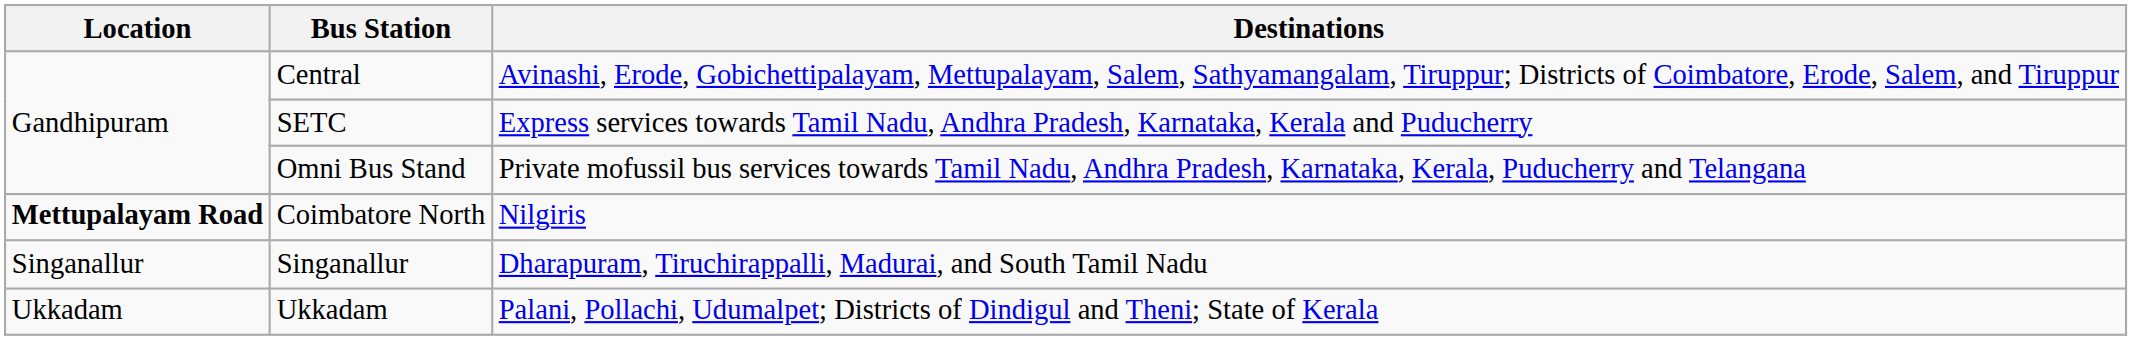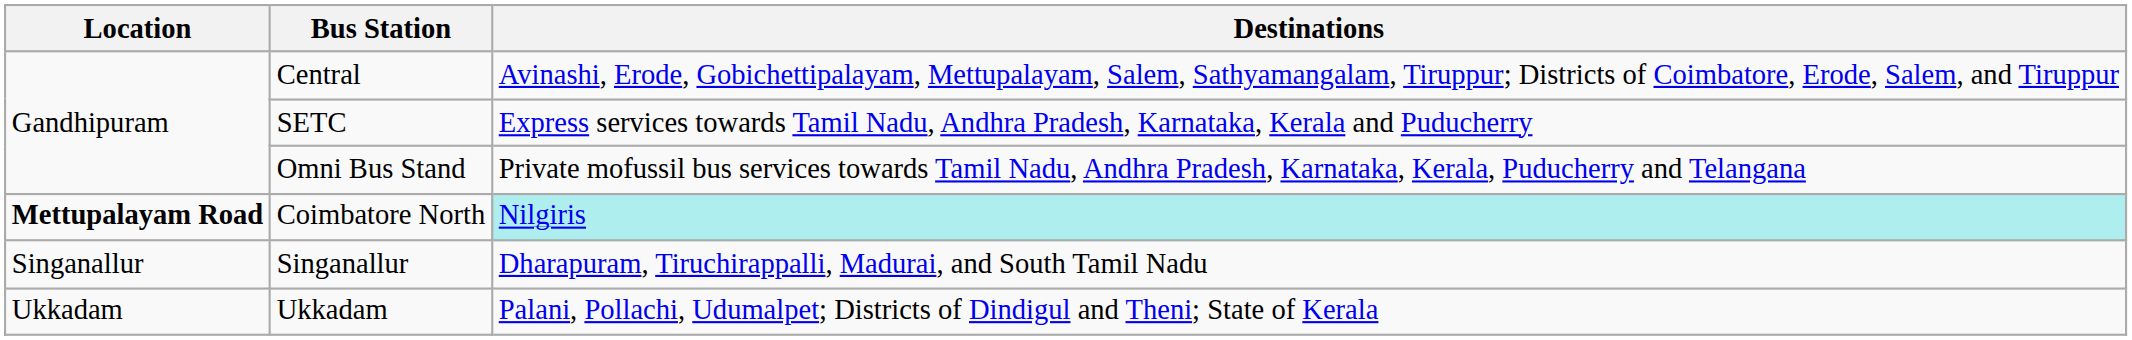 <table class="wikitable sortable" style="font-size: 85%">
 <tr>
 <th>Location</th>
 <th>Bus Station</th>
 <th>Destinations</th>
 </tr>
 <tr>
 <td rowspan="3">Gandhipuram</td>
 <td>Central</td>
 <td><a href='#'>Avinashi</a>, <a href='#'>Erode</a>, <a href='#'>Gobichettipalayam</a>, <a href='#'>Mettupalayam</a>, <a href='#'>Salem</a>, <a href='#'>Sathyamangalam</a>, <a href='#'>Tiruppur</a>; Districts of <a href='#'>Coimbatore</a>, <a href='#'>Erode</a>, <a href='#'>Salem</a>, and <a href='#'>Tiruppur</a></td>
 </tr>
 <tr>
 <td>SETC</td>
 <td><a href='#'>Express</a> services towards <a href='#'>Tamil Nadu</a>, <a href='#'>Andhra Pradesh</a>, <a href='#'>Karnataka</a>, <a href='#'>Kerala</a> and <a href='#'>Puducherry</a></td>
 </tr>
 <tr>
 <td>Omni Bus Stand</td>
 <td>Private mofussil bus services towards <a href='#'>Tamil Nadu</a>, <a href='#'>Andhra Pradesh</a>, <a href='#'>Karnataka</a>, <a href='#'>Kerala</a>, <a href='#'>Puducherry</a> and <a href='#'>Telangana</a></td>
 </tr>
 <tr>
 <td><strong>Mettupalayam Road</strong></td>
 <td>Coimbatore North</td>
-<td><a href='#'>Nilgiris</a></td>
+<td style="background: paleturquoise;"><a href='#'>Nilgiris</a></td>
 </tr>
 <tr>
 <td>Singanallur</td>
 <td>Singanallur</td>
 <td><a href='#'>Dharapuram</a>, <a href='#'>Tiruchirappalli</a>, <a href='#'>Madurai</a>, and South Tamil Nadu</td>
 </tr>
 <tr>
 <td>Ukkadam</td>
 <td>Ukkadam</td>
 <td><a href='#'>Palani</a>, <a href='#'>Pollachi</a>, <a href='#'>Udumalpet</a>; Districts of <a href='#'>Dindigul</a> and <a href='#'>Theni</a>; State of <a href='#'>Kerala</a></td>
 </tr>
 </table>
